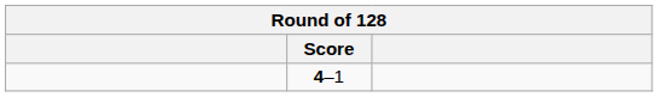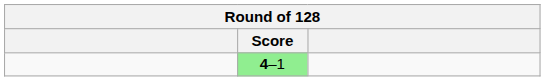 <table class="wikitable" style="text-align: center; font-size:90% ">
 <tr>
 <th colspan=3>Round of 128</th>
 </tr>
 <tr>
 <th width=215></th>
 <th width=60>Score</th>
 <th width=215></th>
 </tr>
 <tr>
 <td align=left><strong></strong></td>
-<td><strong>4</strong>–1</td>
+<td style="background: lightgreen;"><strong>4</strong>–1</td>
 <td align=left></td>
 </tr>
 </table>
